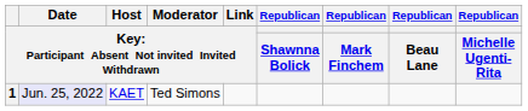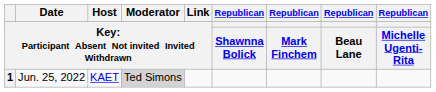 <table class="wikitable" style="text-align:center;">
 <tr>
 <th scope="col"></th>
 <th scope="col">Date</th>
 <th scope="col">Host</th>
 <th scope="col">Moderator</th>
 <th scope="col">Link</th>
 <th scope="col"><small><a href='#'>Republican</a></small></th>
 <th scope="col"><small><a href='#'>Republican</a></small></th>
 <th scope="col"><small><a href='#'>Republican</a></small></th>
 <th scope="col"><small><a href='#'>Republican</a></small></th>
 </tr>
 <tr>
 <th colspan="5" rowspan="2">Key:<br> <small>Participant </small>  <small>Absent </small>  <small>Not invited </small>  <small>Invited  Withdrawn</small></th>
 <th scope="col" style="background:"></th>
 <th scope="col" style="background:"></th>
 <th scope="col" style="background:"></th>
 <th scope="col" style="background:"></th>
 </tr>
 <tr>
 <th scope="col"><a href='#'>Shawnna Bolick</a></th>
 <th scope="col"><a href='#'>Mark Finchem</a></th>
 <th scope="col">Beau Lane</th>
 <th scope="col"><a href='#'>Michelle Ugenti-Rita</a></th>
 </tr>
 <tr>
 <th>1</th>
-<td style="background: lavender; white-space:nowrap;">Jun. 25, 2022</td>
+<td style="white-space:nowrap;">Jun. 25, 2022</td>
 <td style="white-space:nowrap;"><a href='#'>KAET</a></td>
-<td style="white-space:nowrap;">Ted Simons</td>
+<td style="background: lightgrey; white-space:nowrap;">Ted Simons</td>
 <td style="white-space:nowrap;"></td>
 <td></td>
 <td></td>
 <td></td>
 <td></td>
 </tr>
 </table>
